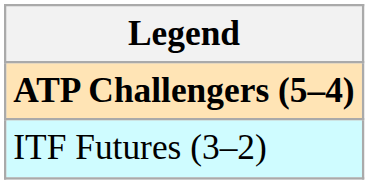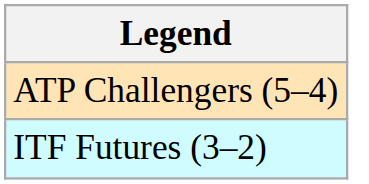 <table class=wikitable style=font-size:97%>
 <tr>
 <th>Legend</th>
 </tr>
 <tr bgcolor=moccasin>
-<td><strong>ATP Challengers (5–4)</strong></td>
+<td>ATP Challengers (5–4)</td>
 </tr>
 <tr bgcolor=cffcff>
 <td>ITF Futures (3–2)</td>
 </tr>
 </table>
